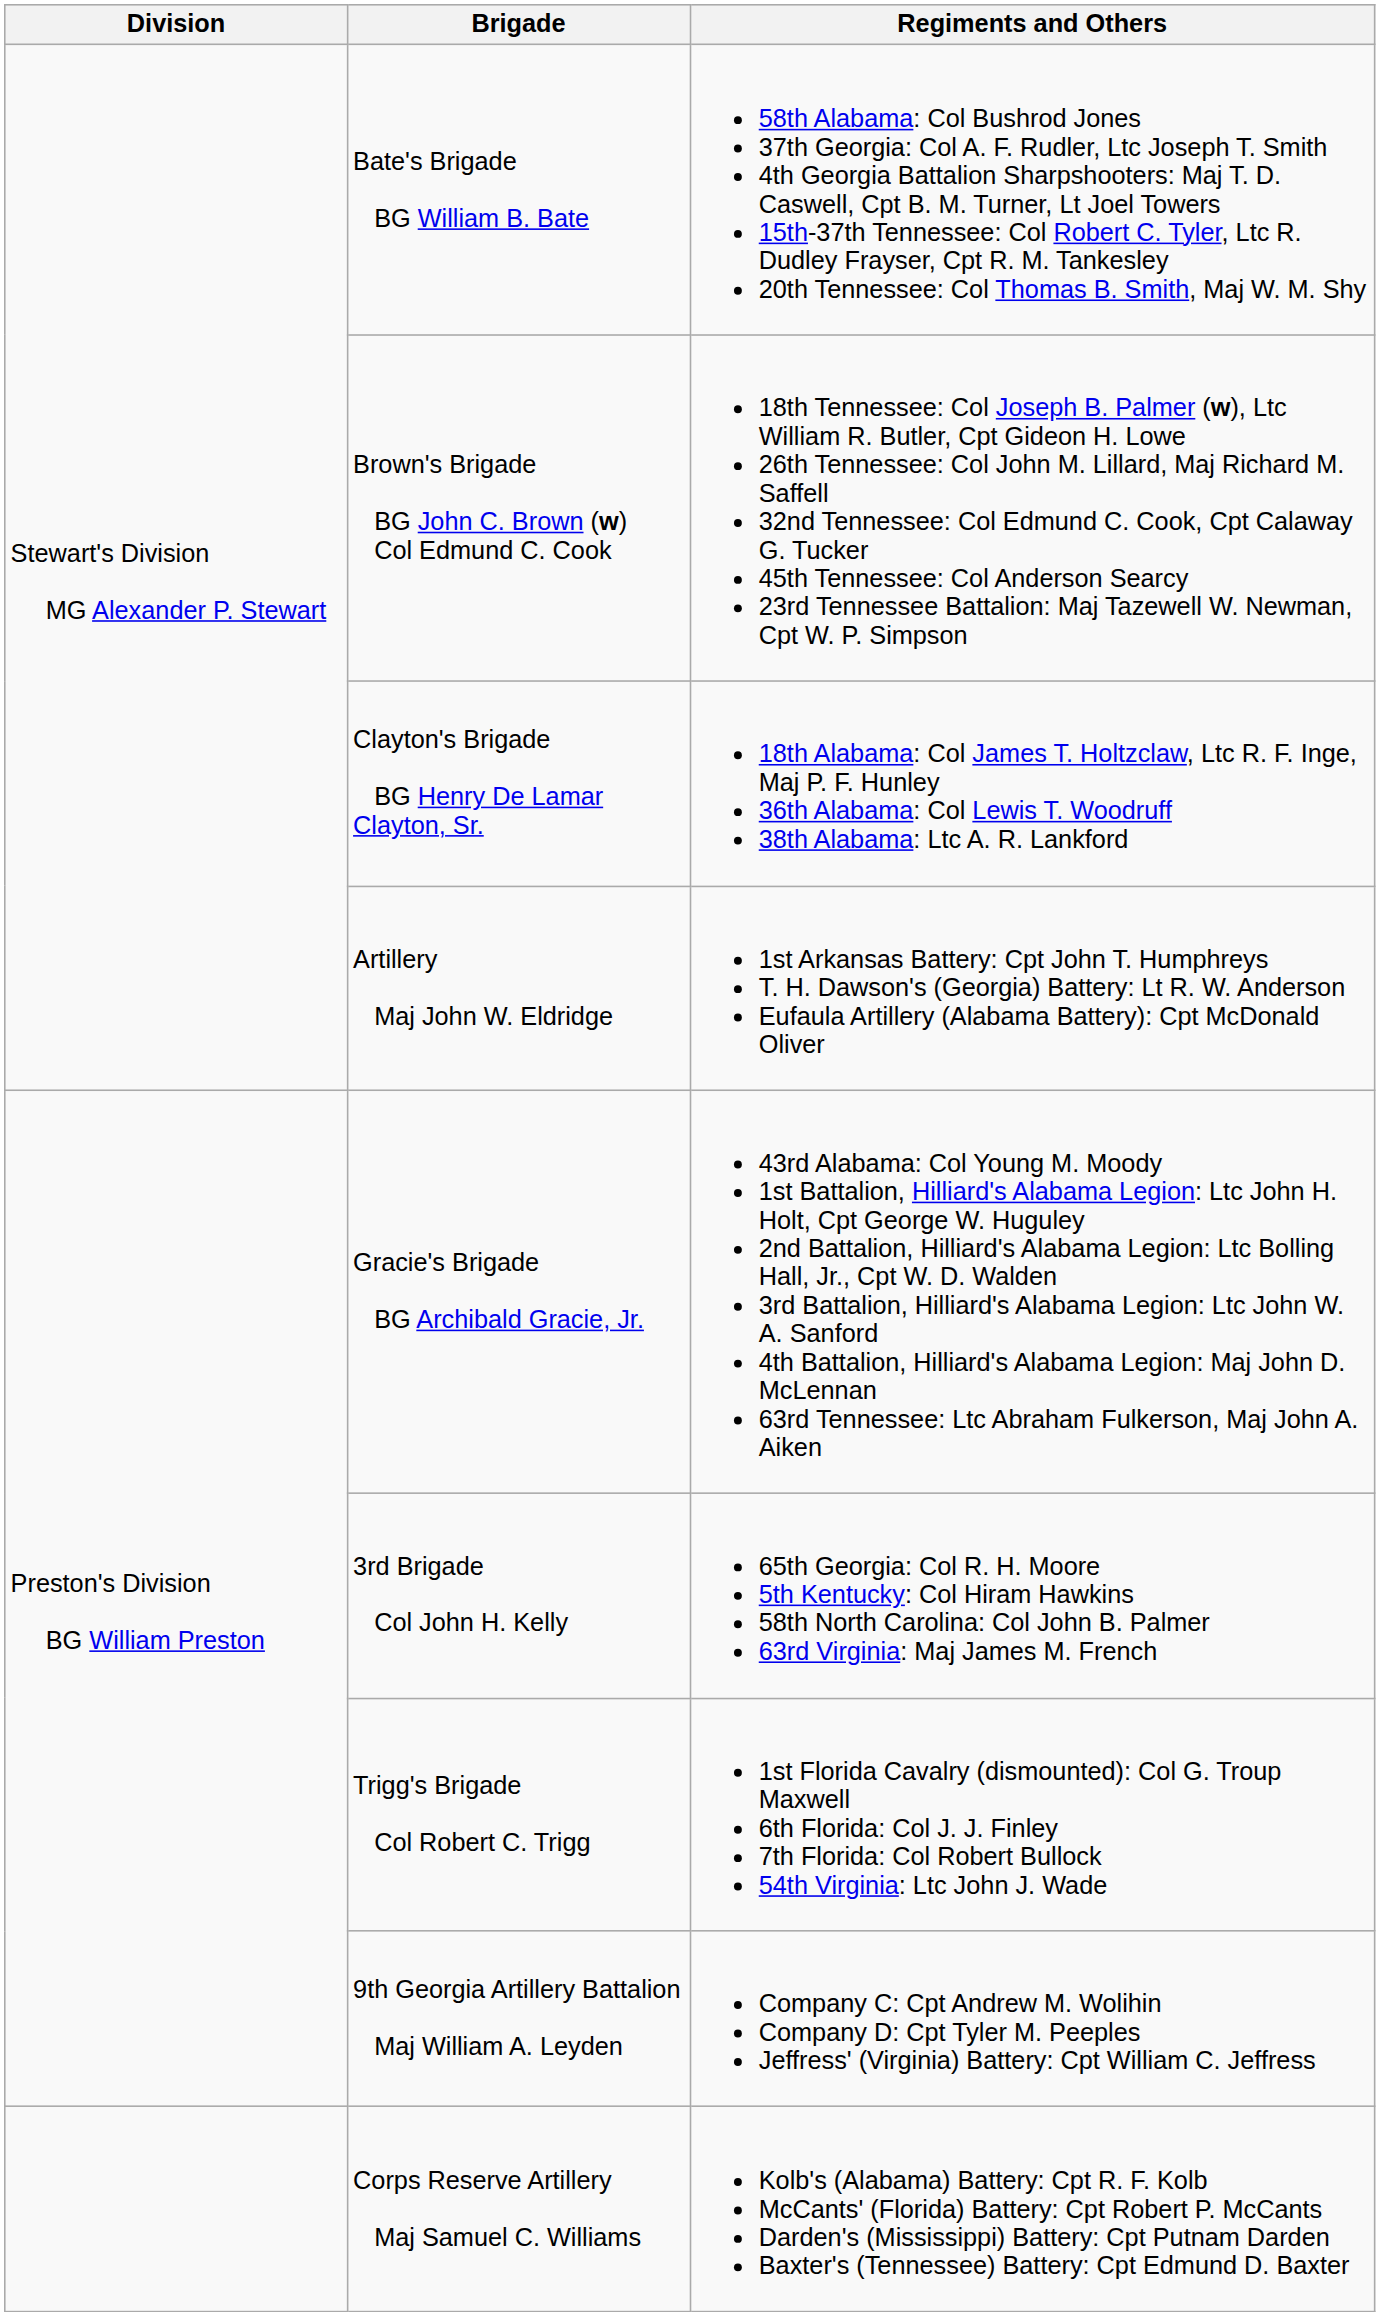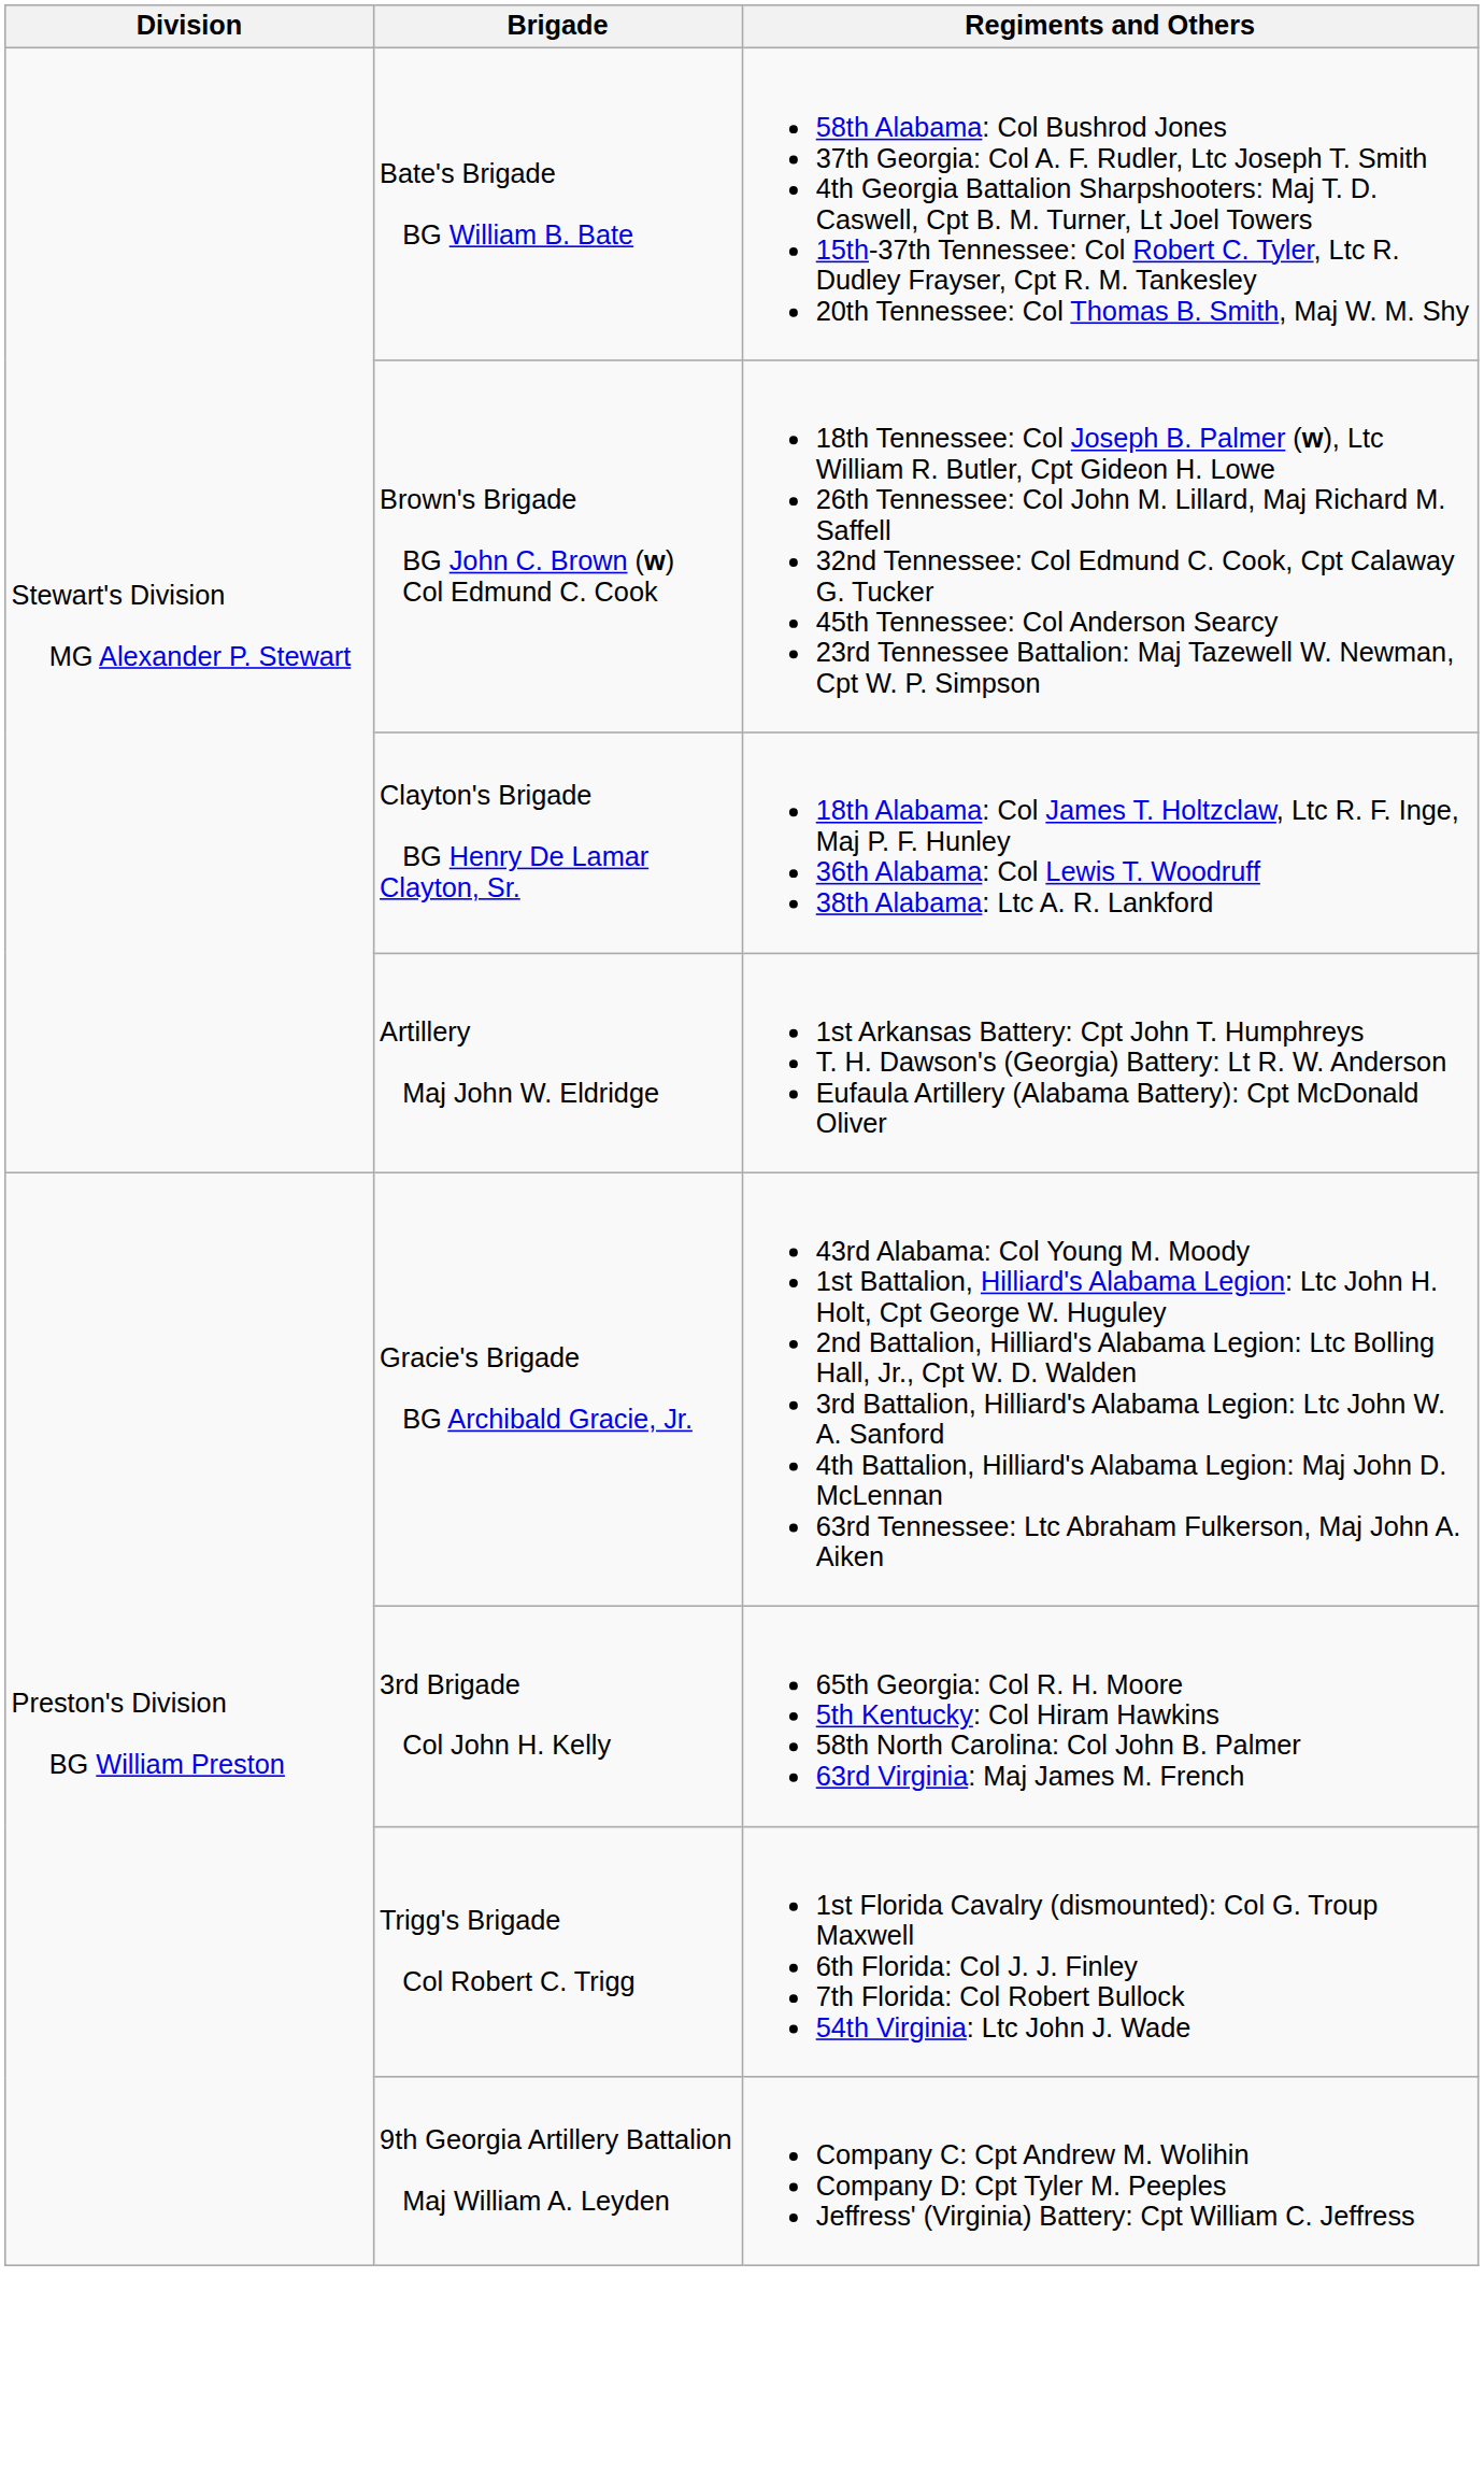 <table class="wikitable">
 <tr>
 <th width=25%>Division</th>
 <th width=25%>Brigade</th>
 <th>Regiments and Others</th>
 </tr>
 <tr>
 <td rowspan=4><br>Stewart's Division<br><br>     MG <a href='#'>Alexander P. Stewart</a></td>
 <td>Bate's Brigade<br><br>   BG <a href='#'>William B. Bate</a></td>
 <td><br><ul><li><a href='#'>58th Alabama</a>: Col Bushrod Jones</li><li>37th Georgia: Col A. F. Rudler, Ltc Joseph T. Smith</li><li>4th Georgia Battalion Sharpshooters: Maj T. D. Caswell, Cpt B. M. Turner, Lt Joel Towers</li><li><a href='#'>15th</a>-37th Tennessee: Col <a href='#'>Robert C. Tyler</a>, Ltc R. Dudley Frayser, Cpt R. M. Tankesley</li><li>20th Tennessee: Col <a href='#'>Thomas B. Smith</a>, Maj W. M. Shy</li></ul></td>
 </tr>
 <tr>
 <td>Brown's Brigade<br><br>   BG <a href='#'>John C. Brown</a> (<strong>w</strong>) <br>   Col Edmund C. Cook</td>
 <td><br><ul><li>18th Tennessee: Col <a href='#'>Joseph B. Palmer</a> (<strong>w</strong>), Ltc William R. Butler, Cpt Gideon H. Lowe</li><li>26th Tennessee: Col John M. Lillard, Maj Richard M. Saffell</li><li>32nd Tennessee: Col Edmund C. Cook, Cpt Calaway G. Tucker</li><li>45th Tennessee: Col Anderson Searcy</li><li>23rd Tennessee Battalion: Maj Tazewell W. Newman, Cpt W. P. Simpson</li></ul></td>
 </tr>
 <tr>
 <td>Clayton's Brigade<br><br>   BG <a href='#'>Henry De Lamar Clayton, Sr.</a></td>
 <td><br><ul><li><a href='#'>18th Alabama</a>: Col <a href='#'>James T. Holtzclaw</a>, Ltc R. F. Inge, Maj P. F. Hunley</li><li><a href='#'>36th Alabama</a>: Col <a href='#'>Lewis T. Woodruff</a></li><li><a href='#'>38th Alabama</a>: Ltc A. R. Lankford</li></ul></td>
 </tr>
 <tr>
 <td>Artillery<br><br>   Maj John W. Eldridge</td>
 <td><br><ul><li>1st Arkansas Battery: Cpt John T. Humphreys</li><li>T. H. Dawson's (Georgia) Battery: Lt R. W. Anderson</li><li>Eufaula Artillery (Alabama Battery): Cpt McDonald Oliver</li></ul></td>
 </tr>
 <tr>
 <td rowspan=4><br>Preston's Division<br><br>     BG <a href='#'>William Preston</a></td>
 <td>Gracie's Brigade<br><br>   BG <a href='#'>Archibald Gracie, Jr.</a></td>
 <td><br><ul><li>43rd Alabama: Col Young M. Moody</li><li>1st Battalion, <a href='#'>Hilliard's Alabama Legion</a>: Ltc John H. Holt, Cpt George W. Huguley</li><li>2nd Battalion, Hilliard's Alabama Legion: Ltc Bolling Hall, Jr., Cpt W. D. Walden</li><li>3rd Battalion, Hilliard's Alabama Legion: Ltc John W. A. Sanford</li><li>4th Battalion, Hilliard's Alabama Legion: Maj John D. McLennan</li><li>63rd Tennessee: Ltc Abraham Fulkerson, Maj John A. Aiken</li></ul></td>
 </tr>
 <tr>
 <td>3rd Brigade<br><br>   Col John H. Kelly</td>
 <td><br><ul><li>65th Georgia: Col R. H. Moore</li><li><a href='#'>5th Kentucky</a>: Col Hiram Hawkins</li><li>58th North Carolina: Col John B. Palmer</li><li><a href='#'>63rd Virginia</a>: Maj James M. French</li></ul></td>
 </tr>
 <tr>
 <td>Trigg's Brigade<br><br>   Col Robert C. Trigg</td>
 <td><br><ul><li>1st Florida Cavalry (dismounted): Col G. Troup Maxwell</li><li>6th Florida: Col J. J. Finley</li><li>7th Florida: Col Robert Bullock</li><li><a href='#'>54th Virginia</a>: Ltc John J. Wade</li></ul></td>
 </tr>
 <tr>
 <td>9th Georgia Artillery Battalion<br><br>   Maj William A. Leyden</td>
 <td><br><ul><li>Company C: Cpt Andrew M. Wolihin</li><li>Company D: Cpt Tyler M. Peeples</li><li>Jeffress' (Virginia) Battery: Cpt William C. Jeffress</li></ul></td>
 </tr>
-<tr>
-<td></td>
-<td>Corps Reserve Artillery<br><br>   Maj Samuel C. Williams</td>
-<td><br><ul><li>Kolb's (Alabama) Battery: Cpt R. F. Kolb</li><li>McCants' (Florida) Battery: Cpt Robert P. McCants</li><li>Darden's (Mississippi) Battery: Cpt Putnam Darden</li><li>Baxter's (Tennessee) Battery: Cpt Edmund D. Baxter</li></ul></td>
-</tr>
 </table>
